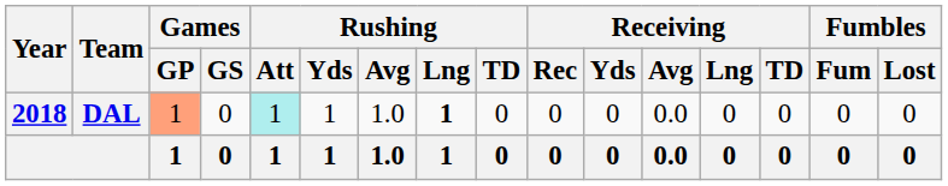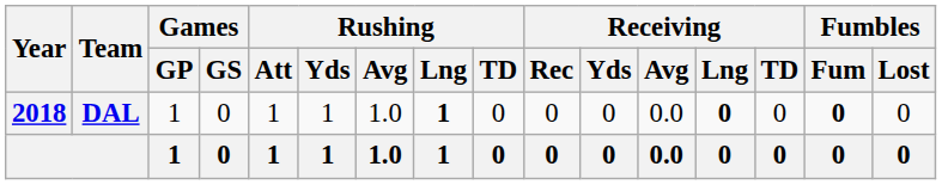 <table class=wikitable style="text-align:center;">
 <tr>
 <th rowspan="2">Year</th>
 <th rowspan="2">Team</th>
 <th colspan="2">Games</th>
 <th colspan="5">Rushing</th>
 <th colspan="5">Receiving</th>
 <th colspan="2">Fumbles</th>
 </tr>
 <tr>
 <th>GP</th>
 <th>GS</th>
 <th>Att</th>
 <th>Yds</th>
 <th>Avg</th>
 <th>Lng</th>
 <th>TD</th>
 <th>Rec</th>
 <th>Yds</th>
 <th>Avg</th>
 <th>Lng</th>
 <th>TD</th>
 <th>Fum</th>
 <th>Lost</th>
 </tr>
 <tr>
 <th><a href='#'>2018</a></th>
 <th><a href='#'>DAL</a></th>
-<td style="background: lightsalmon;">1</td>
+<td>1</td>
 <td>0</td>
-<td style="background: paleturquoise;">1</td>
+<td>1</td>
 <td>1</td>
 <td>1.0</td>
 <td><strong>1</strong></td>
 <td>0</td>
 <td>0</td>
 <td>0</td>
 <td>0.0</td>
+<td><strong>0</strong></td>
 <td>0</td>
-<td>0</td>
-<td>0</td>
+<td><strong>0</strong></td>
 <td>0</td>
 </tr>
 <tr>
 <th colspan="2"></th>
 <th>1</th>
 <th>0</th>
 <th>1</th>
 <th>1</th>
 <th>1.0</th>
 <th>1</th>
 <th>0</th>
 <th>0</th>
 <th>0</th>
 <th>0.0</th>
 <th>0</th>
 <th>0</th>
 <th>0</th>
 <th>0</th>
 </tr>
 </table>
